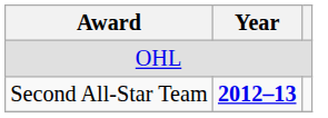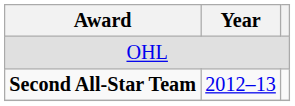 <table class="wikitable">
 <tr>
 <th>Award</th>
 <th>Year</th>
 <th></th>
 </tr>
 <tr ALIGN="center" bgcolor="#e0e0e0">
 <td colspan="3"><a href='#'>OHL</a></td>
 </tr>
 <tr>
-<td>Second All-Star Team</td>
-<td><strong><a href='#'>2012–13</a></strong></td>
+<td><strong>Second All-Star Team</strong></td>
+<td><a href='#'>2012–13</a></td>
 <td></td>
 </tr>
 <tr>
 </tr>
 </table>
